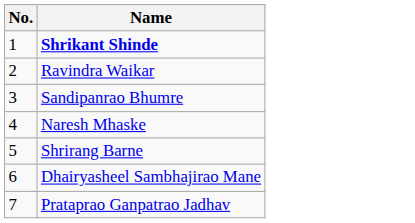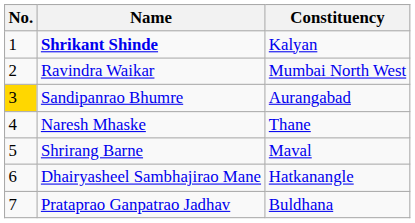 <table class="wikitable sortable">
 <tr>
 <th style="background-color:">No.</th>
 <th style="background-color:">Name</th>
+<th style="background-color:">Constituency</th>
 </tr>
 <tr>
 <td>1</td>
 <td><strong><a href='#'>Shrikant Shinde</a></strong></td>
+<td><a href='#'>Kalyan</a></td>
 </tr>
 <tr>
 <td>2</td>
 <td><a href='#'>Ravindra Waikar</a></td>
+<td><a href='#'>Mumbai North West</a></td>
 </tr>
 <tr>
-<td>3</td>
+<td style="background: gold;">3</td>
 <td><a href='#'>Sandipanrao Bhumre</a></td>
+<td><a href='#'>Aurangabad</a></td>
 </tr>
 <tr>
 <td>4</td>
 <td><a href='#'>Naresh Mhaske</a></td>
+<td><a href='#'>Thane</a></td>
 </tr>
 <tr>
 <td>5</td>
 <td><a href='#'>Shrirang Barne</a></td>
+<td><a href='#'>Maval</a></td>
 </tr>
 <tr>
 <td>6</td>
 <td><a href='#'>Dhairyasheel Sambhajirao Mane</a></td>
+<td><a href='#'>Hatkanangle</a></td>
 </tr>
 <tr>
 <td>7</td>
 <td><a href='#'>Prataprao Ganpatrao Jadhav</a></td>
+<td><a href='#'>Buldhana</a></td>
 </tr>
 </table>
